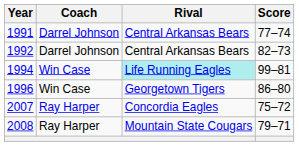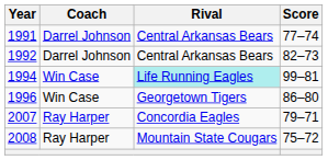 <table class= "wikitable">
 <tr>
 <th width=px>Year</th>
 <th width=px>Coach</th>
 <th width=px>Rival</th>
 <th width=px>Score</th>
 </tr>
 <tr>
 <td><a href='#'>1991</a></td>
 <td><a href='#'>Darrel Johnson</a></td>
 <td><a href='#'>Central Arkansas Bears</a></td>
 <td>77–74</td>
 </tr>
 <tr>
 <td><a href='#'>1992</a></td>
 <td>Darrel Johnson</td>
 <td>Central Arkansas Bears</td>
 <td>82–73</td>
 </tr>
 <tr>
 <td><a href='#'>1994</a></td>
 <td><a href='#'>Win Case</a></td>
 <td style="background: paleturquoise;"><a href='#'>Life Running Eagles</a></td>
 <td>99–81</td>
 </tr>
 <tr>
 <td><a href='#'>1996</a></td>
 <td>Win Case</td>
 <td><a href='#'>Georgetown Tigers</a></td>
 <td>86–80</td>
 </tr>
 <tr>
 <td><a href='#'>2007</a></td>
 <td><a href='#'>Ray Harper</a></td>
 <td><a href='#'>Concordia Eagles</a></td>
-<td>75–72</td>
+<td>79–71</td>
 </tr>
 <tr>
 <td><a href='#'>2008</a></td>
 <td>Ray Harper</td>
 <td><a href='#'>Mountain State Cougars</a></td>
-<td>79–71</td>
+<td>75–72</td>
 </tr>
 <tr>
 <th colspan=3></th>
 <th colspan=2></th>
 </tr>
 </table>
